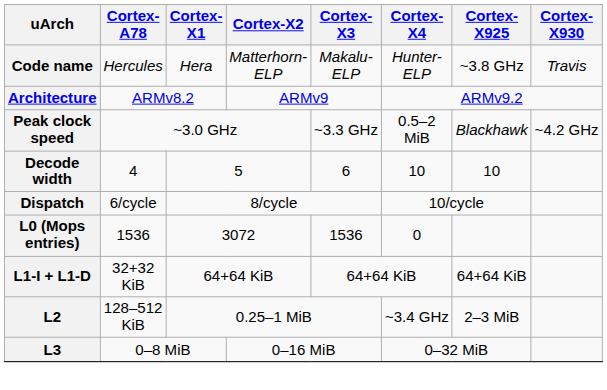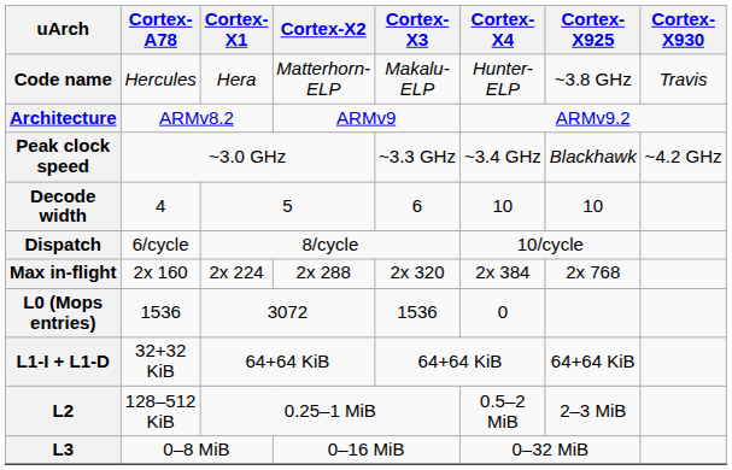 <table class="wikitable sortable" cellpadding="3px" style="border: 1px solid black; border-spacing: 0px; width: 100%; text-align:center;">
 <tr>
 <th>uArch</th>
 <th><a href='#'>Cortex-A78</a></th>
 <th><a href='#'>Cortex-X1</a></th>
 <th><a href='#'>Cortex-X2</a></th>
 <th><a href='#'>Cortex-X3</a></th>
 <th><a href='#'>Cortex-X4</a></th>
 <th><a href='#'>Cortex-X925</a></th>
 <th><a href='#'>Cortex-X930</a></th>
 </tr>
 <tr>
 <th>Code name</th>
 <td><em>Hercules</em></td>
 <td><em>Hera</em></td>
 <td><em>Matterhorn-ELP</em></td>
 <td><em>Makalu-ELP</em></td>
 <td><em>Hunter-ELP</em></td>
 <td>~3.8 GHz</td>
 <td><em>Travis</em></td>
 </tr>
 <tr>
 <th><a href='#'>Architecture</a></th>
 <td colspan="2"><a href='#'>ARMv8.2</a></td>
 <td colspan="2"><a href='#'>ARMv9</a></td>
 <td colspan="3"><a href='#'>ARMv9.2</a></td>
 </tr>
 <tr>
 <th>Peak clock speed</th>
 <td colspan="3">~3.0 GHz</td>
 <td>~3.3 GHz</td>
-<td>0.5–2 MiB</td>
+<td>~3.4 GHz</td>
 <td><em>Blackhawk</em></td>
 <td>~4.2 GHz</td>
 </tr>
 <tr>
 <th>Decode width</th>
 <td>4</td>
 <td colspan="2">5</td>
 <td>6</td>
 <td>10</td>
 <td>10</td>
 <td></td>
 </tr>
 <tr>
 <th>Dispatch</th>
 <td>6/cycle</td>
 <td colspan="3">8/cycle</td>
 <td colspan="2">10/cycle</td>
+<td></td>
+</tr>
+<tr>
+<th>Max in-flight</th>
+<td>2x 160</td>
+<td>2x 224</td>
+<td>2x 288</td>
+<td>2x 320</td>
+<td>2x 384</td>
+<td>2x 768</td>
 <td></td>
 </tr>
 <tr>
 <th>L0 (Mops entries)</th>
 <td>1536</td>
 <td colspan="2">3072</td>
 <td>1536</td>
 <td>0</td>
 <td></td>
 <td></td>
 </tr>
 <tr>
 <th>L1-I + L1-D</th>
 <td>32+32 KiB</td>
 <td colspan="2">64+64 KiB</td>
 <td colspan="2">64+64 KiB</td>
 <td>64+64 KiB</td>
 <td></td>
 </tr>
 <tr>
 <th>L2</th>
 <td>128–512 KiB</td>
 <td colspan="3">0.25–1 MiB</td>
-<td>~3.4 GHz</td>
+<td>0.5–2 MiB</td>
 <td>2–3 MiB</td>
 <td></td>
 </tr>
 <tr>
 <th>L3</th>
 <td colspan="2">0–8 MiB</td>
 <td colspan="2">0–16 MiB</td>
 <td colspan="2">0–32 MiB</td>
 <td></td>
 </tr>
 <tr>
 </tr>
 </table>
